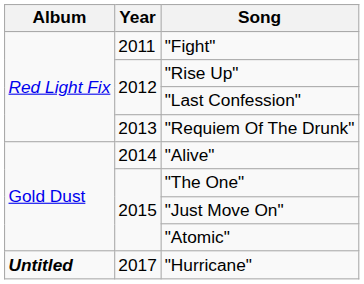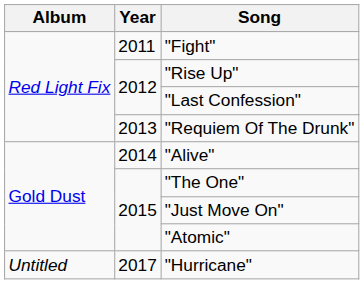 <table class="wikitable">
 <tr>
 <th>Album</th>
 <th>Year</th>
 <th>Song</th>
 </tr>
 <tr>
 <td rowspan="5"><em><a href='#'>Red Light Fix</a></em></td>
 <td rowspan="1">2011</td>
 <td>"Fight"</td>
 </tr>
 <tr>
 <td rowspan="3">2012</td>
 <td>"Rise Up"</td>
 </tr>
 <tr>
 <td>"Last Confession"</td>
 </tr>
 <tr>
 <td rowspan="2">"Requiem Of The Drunk"</td>
 </tr>
 <tr>
 <td rowspan="1">2013</td>
 </tr>
 <tr>
 <td rowspan="4"><a href='#'>Gold Dust</a></td>
 <td>2014</td>
 <td>"Alive"</td>
 </tr>
 <tr>
 <td rowspan="3">2015</td>
 <td>"The One"</td>
 </tr>
 <tr>
 <td>"Just Move On"</td>
 </tr>
 <tr>
 <td>"Atomic"</td>
 </tr>
 <tr>
-<td><strong><em>Untitled</em></strong></td>
+<td><em>Untitled</em></td>
 <td>2017</td>
 <td>"Hurricane"</td>
 </tr>
 </table>
